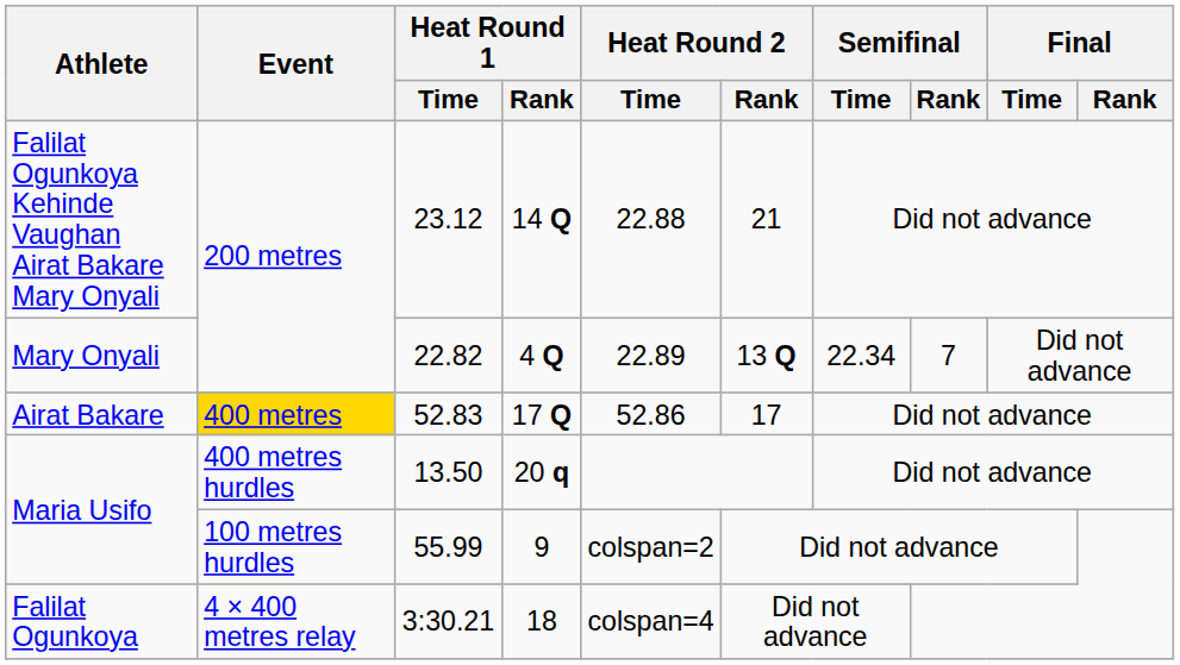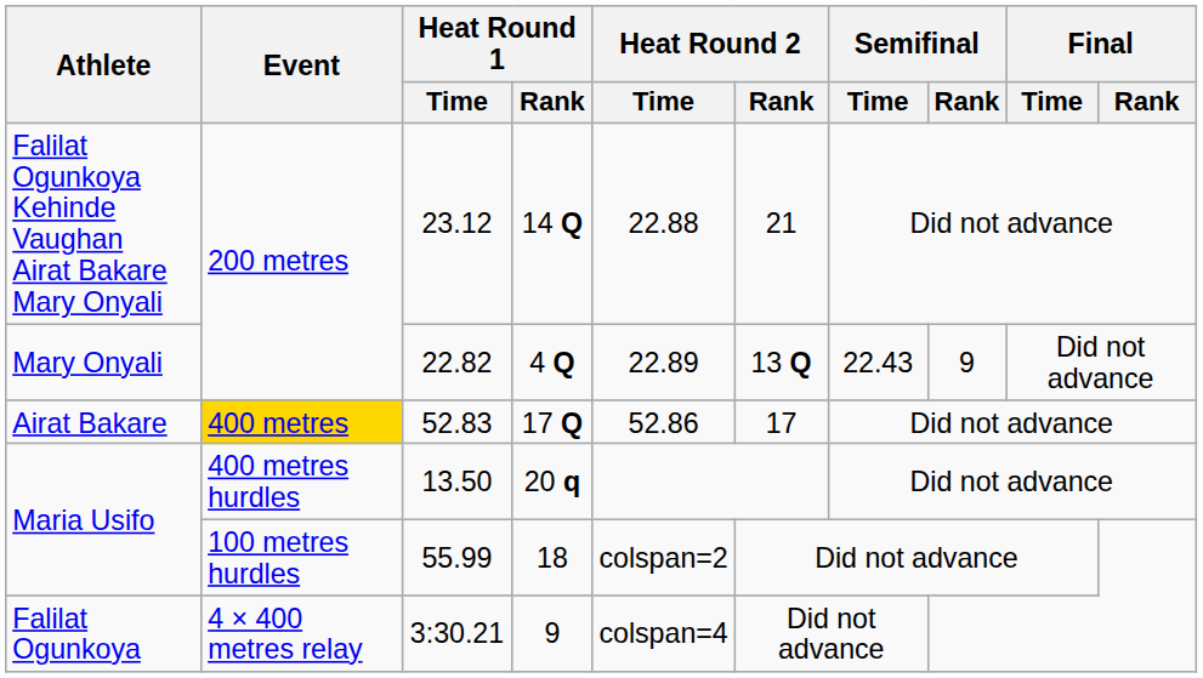 <table class=wikitable style="font-size:90%; text-align:center">
 <tr>
 <th rowspan=2>Athlete</th>
 <th rowspan=2>Event</th>
 <th colspan=2>Heat Round 1</th>
 <th colspan=2>Heat Round 2</th>
 <th colspan=2>Semifinal</th>
 <th colspan=2>Final</th>
 </tr>
 <tr style=font-size:95%>
 <th>Time</th>
 <th>Rank</th>
 <th>Time</th>
 <th>Rank</th>
 <th>Time</th>
 <th>Rank</th>
 <th>Time</th>
 <th>Rank</th>
 </tr>
 <tr align=center>
 <td align=left><a href='#'>Falilat Ogunkoya</a><br><a href='#'>Kehinde Vaughan</a><br><a href='#'>Airat Bakare</a><br><a href='#'>Mary Onyali</a></td>
 <td align=left rowspan=2><a href='#'>200 metres</a></td>
 <td>23.12</td>
 <td>14 <strong>Q</strong></td>
 <td>22.88</td>
 <td>21</td>
 <td colspan=4>Did not advance</td>
 </tr>
 <tr align=center>
 <td align=left><a href='#'>Mary Onyali</a></td>
 <td>22.82</td>
 <td>4 <strong>Q</strong></td>
 <td>22.89</td>
 <td>13 <strong>Q</strong></td>
-<td>22.34</td>
-<td>7</td>
+<td>22.43</td>
+<td>9</td>
 <td colspan=2>Did not advance</td>
 </tr>
 <tr align=center>
 <td align=left><a href='#'>Airat Bakare</a></td>
 <td align=left style="background: gold;"><a href='#'>400 metres</a></td>
 <td>52.83</td>
 <td>17 <strong>Q</strong></td>
 <td>52.86</td>
 <td>17</td>
 <td colspan=4>Did not advance</td>
 </tr>
 <tr align=center>
 <td align=left rowspan=2><a href='#'>Maria Usifo</a></td>
 <td align=left><a href='#'>400 metres hurdles</a></td>
 <td>13.50</td>
 <td>20 <strong>q</strong></td>
 <td colspan=2></td>
 <td colspan=4>Did not advance</td>
 </tr>
 <tr align=center>
 <td align=left><a href='#'>100 metres hurdles</a></td>
 <td>55.99</td>
-<td>9</td>
+<td>18</td>
 <td>colspan=2</td>
 <td colspan=4>Did not advance</td>
 </tr>
 <tr align=center>
 <td align=left><a href='#'>Falilat Ogunkoya</a></td>
 <td align=left><a href='#'>4 × 400 metres relay</a></td>
 <td>3:30.21</td>
-<td>18</td>
+<td>9</td>
 <td>colspan=4</td>
 <td colspan=2>Did not advance</td>
 </tr>
 </table>
